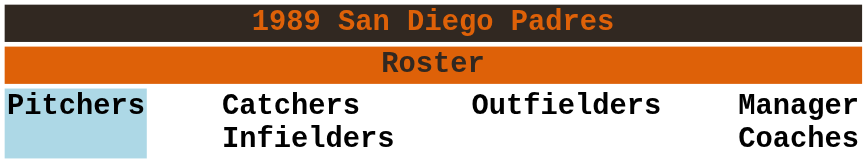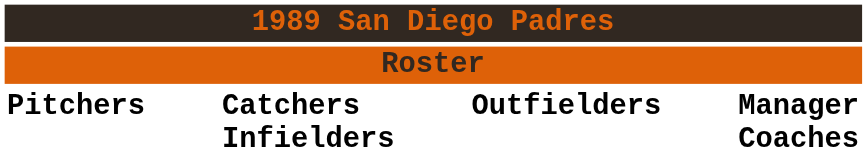 <table class="toccolours" style="font-size: 95%;">
 <tr>
 <th colspan="10" style="background-color: #312821; color: #de6108; text-align: center;">1989 San Diego Padres</th>
 </tr>
 <tr>
 <td colspan="10" style="background-color: #de6108; color: #312821; text-align: center;"><strong>Roster</strong></td>
 </tr>
 <tr>
-<td valign="top" style="background: lightblue;"><strong>Pitchers</strong><br>                </td>
+<td valign="top"><strong>Pitchers</strong><br>                </td>
 <td width="25px"></td>
 <td valign="top"><strong>Catchers</strong><br>   <strong>Infielders</strong>           </td>
 <td width="25px"></td>
 <td valign="top"><strong>Outfielders</strong><br>        </td>
 <td width="25px"></td>
 <td valign="top"><strong>Manager</strong><br> <strong>Coaches</strong>     </td>
 </tr>
 </table>
